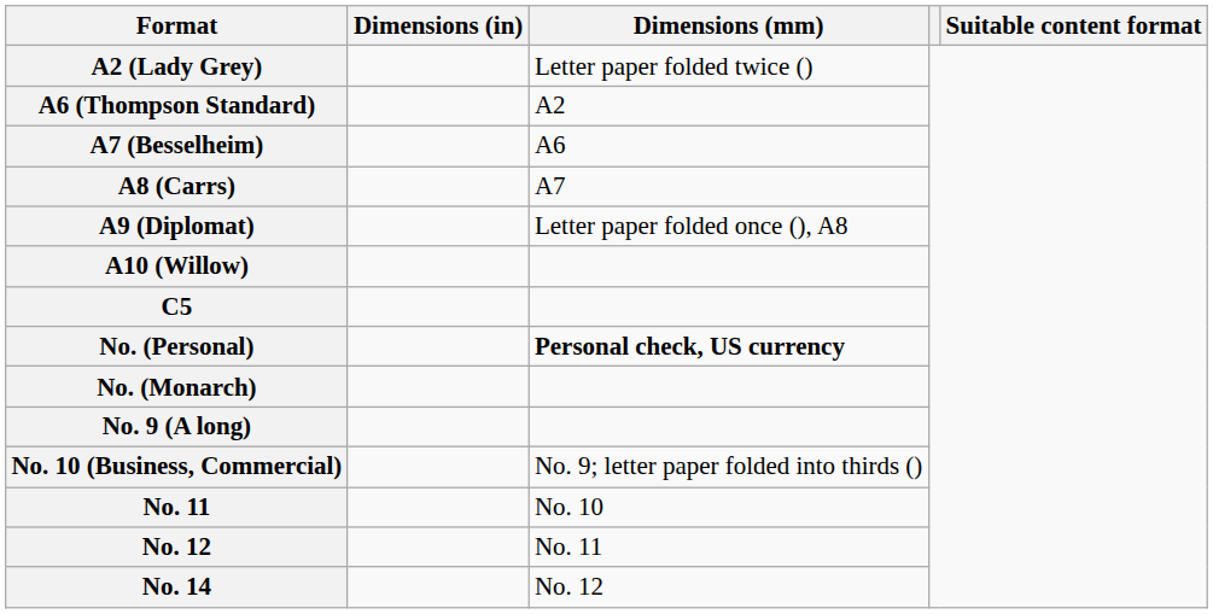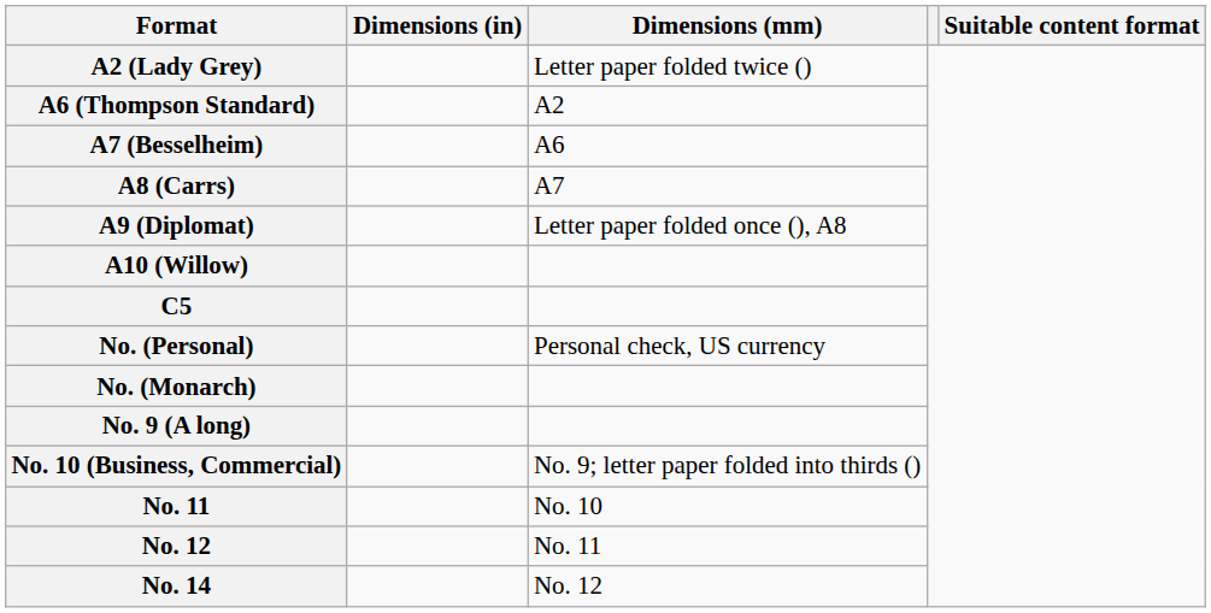 <table class="wikitable sortable">
 <tr>
 <th>Format</th>
 <th>Dimensions (in)</th>
 <th>Dimensions (mm)</th>
 <th></th>
 <th>Suitable content format</th>
 </tr>
 <tr>
 <th>A2 (Lady Grey)</th>
 <td></td>
 <td>Letter paper folded twice ()</td>
 </tr>
 <tr>
 <th>A6 (Thompson Standard)</th>
 <td></td>
 <td>A2</td>
 </tr>
 <tr>
 <th>A7 (Besselheim)</th>
 <td></td>
 <td>A6</td>
 </tr>
 <tr>
 <th>A8 (Carrs)</th>
 <td></td>
 <td>A7</td>
 </tr>
 <tr>
 <th>A9 (Diplomat)</th>
 <td></td>
 <td>Letter paper folded once (), A8</td>
 </tr>
 <tr>
 <th>A10 (Willow)</th>
 <td></td>
 <td></td>
 </tr>
 <tr>
 <th>C5</th>
 <td></td>
 <td></td>
 </tr>
 <tr>
 <th>No.  (Personal)</th>
 <td></td>
-<td><strong>Personal check, US currency</strong></td>
+<td>Personal check, US currency</td>
 </tr>
 <tr>
 <th>No.  (Monarch)</th>
 <td></td>
 <td></td>
 </tr>
 <tr>
 <th>No. 9 (A long)</th>
 <td></td>
 <td></td>
 </tr>
 <tr>
 <th>No. 10 (Business, Commercial)</th>
 <td></td>
 <td>No. 9; letter paper folded into thirds ()</td>
 </tr>
 <tr>
 <th>No. 11</th>
 <td></td>
 <td>No. 10</td>
 </tr>
 <tr>
 <th>No. 12</th>
 <td></td>
 <td>No. 11</td>
 </tr>
 <tr>
 <th>No. 14</th>
 <td></td>
 <td>No. 12</td>
 </tr>
 </table>
